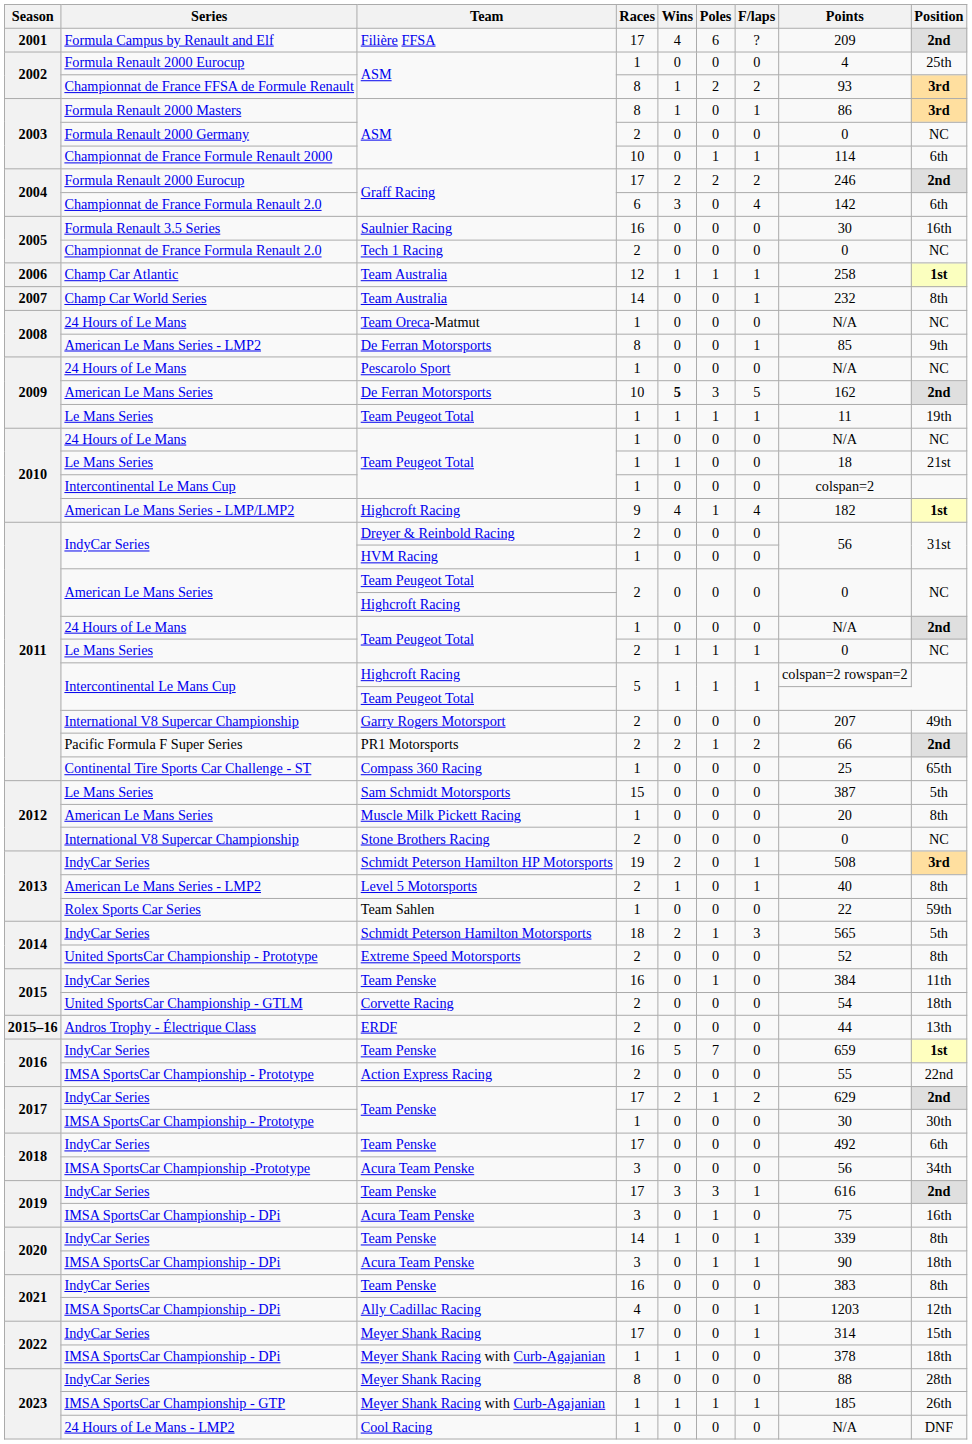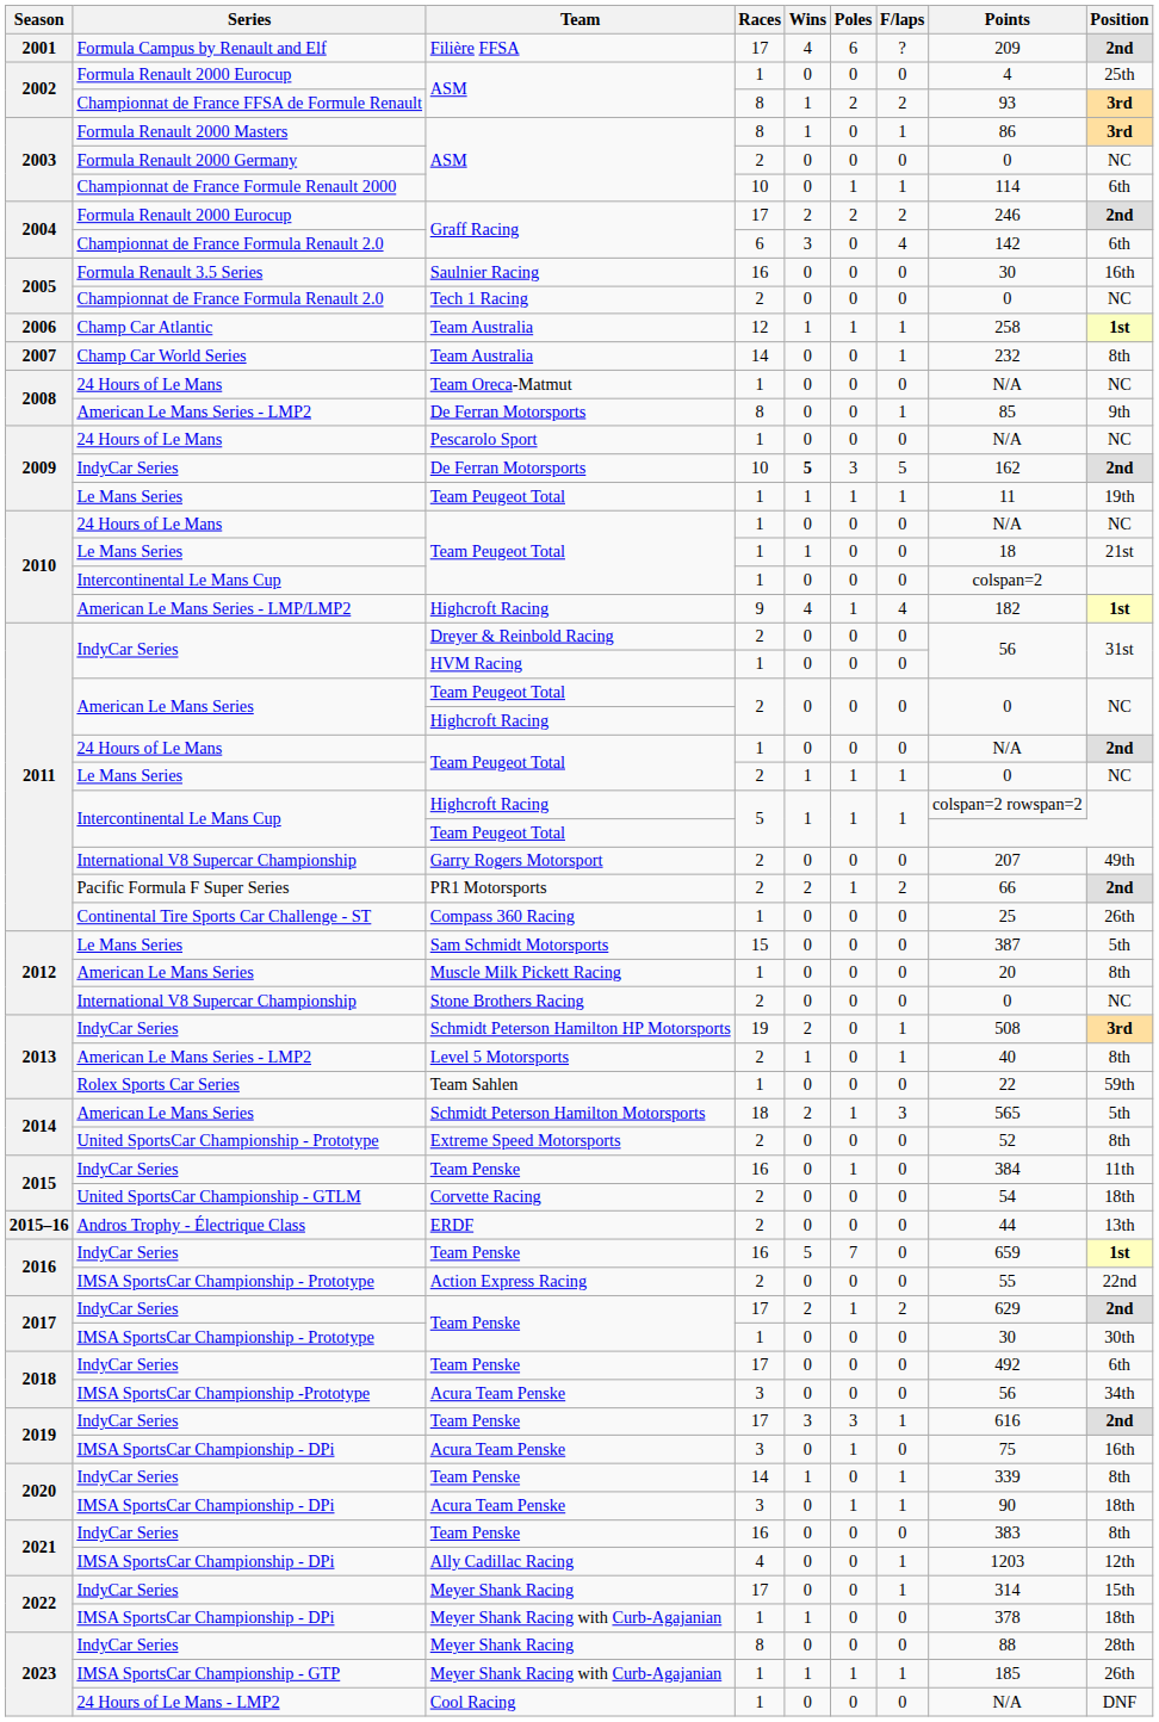 <table class="wikitable" style="text-align:center; font-size:90%;">
 <tr>
 <th>Season</th>
 <th>Series</th>
 <th>Team</th>
 <th>Races</th>
 <th>Wins</th>
 <th>Poles</th>
 <th>F/laps</th>
 <th>Points</th>
 <th>Position</th>
 </tr>
 <tr>
 <th>2001</th>
 <td align=left><a href='#'>Formula Campus by Renault and Elf</a></td>
 <td align=left><a href='#'>Filière</a> <a href='#'>FFSA</a></td>
 <td>17</td>
 <td>4</td>
 <td>6</td>
 <td>?</td>
 <td>209</td>
 <td style="background:#DFDFDF;"><strong>2nd</strong></td>
 </tr>
 <tr>
 <th rowspan=2>2002</th>
 <td align=left><a href='#'>Formula Renault 2000 Eurocup</a></td>
 <td align=left rowspan=2><a href='#'>ASM</a></td>
 <td>1</td>
 <td>0</td>
 <td>0</td>
 <td>0</td>
 <td>4</td>
 <td>25th</td>
 </tr>
 <tr>
 <td align=left><a href='#'>Championnat de France FFSA de Formule Renault</a></td>
 <td>8</td>
 <td>1</td>
 <td>2</td>
 <td>2</td>
 <td>93</td>
 <td style="background:#FFDF9F;"><strong>3rd</strong></td>
 </tr>
 <tr>
 <th rowspan=3>2003</th>
 <td align=left><a href='#'>Formula Renault 2000 Masters</a></td>
 <td align=left rowspan=3><a href='#'>ASM</a></td>
 <td>8</td>
 <td>1</td>
 <td>0</td>
 <td>1</td>
 <td>86</td>
 <td style="background:#FFDF9F;"><strong>3rd</strong></td>
 </tr>
 <tr>
 <td align=left><a href='#'>Formula Renault 2000 Germany</a></td>
 <td>2</td>
 <td>0</td>
 <td>0</td>
 <td>0</td>
 <td>0</td>
 <td>NC</td>
 </tr>
 <tr>
 <td align=left><a href='#'>Championnat de France Formule Renault 2000</a></td>
 <td>10</td>
 <td>0</td>
 <td>1</td>
 <td>1</td>
 <td>114</td>
 <td>6th</td>
 </tr>
 <tr>
 <th rowspan=2>2004</th>
 <td align=left><a href='#'>Formula Renault 2000 Eurocup</a></td>
 <td align=left rowspan=2><a href='#'>Graff Racing</a></td>
 <td>17</td>
 <td>2</td>
 <td>2</td>
 <td>2</td>
 <td>246</td>
 <td style="background:#DFDFDF;"><strong>2nd</strong></td>
 </tr>
 <tr>
 <td align=left><a href='#'>Championnat de France Formula Renault 2.0</a></td>
 <td>6</td>
 <td>3</td>
 <td>0</td>
 <td>4</td>
 <td>142</td>
 <td>6th</td>
 </tr>
 <tr>
 <th rowspan=2>2005</th>
 <td align=left><a href='#'>Formula Renault 3.5 Series</a></td>
 <td align=left><a href='#'>Saulnier Racing</a></td>
 <td>16</td>
 <td>0</td>
 <td>0</td>
 <td>0</td>
 <td>30</td>
 <td>16th</td>
 </tr>
 <tr>
 <td align=left><a href='#'>Championnat de France Formula Renault 2.0</a></td>
 <td align=left><a href='#'>Tech 1 Racing</a></td>
 <td>2</td>
 <td>0</td>
 <td>0</td>
 <td>0</td>
 <td>0</td>
 <td>NC</td>
 </tr>
 <tr>
 <th>2006</th>
 <td align=left><a href='#'>Champ Car Atlantic</a></td>
 <td align=left><a href='#'>Team Australia</a></td>
 <td>12</td>
 <td>1</td>
 <td>1</td>
 <td>1</td>
 <td>258</td>
 <td style="background:#FBFFBF;"><strong>1st</strong></td>
 </tr>
 <tr>
 <th>2007</th>
 <td align=left><a href='#'>Champ Car World Series</a></td>
 <td align=left><a href='#'>Team Australia</a></td>
 <td>14</td>
 <td>0</td>
 <td>0</td>
 <td>1</td>
 <td>232</td>
 <td>8th</td>
 </tr>
 <tr>
 <th rowspan=2>2008</th>
 <td align=left><a href='#'>24 Hours of Le Mans</a></td>
 <td align=left><a href='#'>Team Oreca</a>-Matmut</td>
 <td>1</td>
 <td>0</td>
 <td>0</td>
 <td>0</td>
 <td>N/A</td>
 <td>NC</td>
 </tr>
 <tr>
 <td align=left><a href='#'>American Le Mans Series - LMP2</a></td>
 <td align=left><a href='#'>De Ferran Motorsports</a></td>
 <td>8</td>
 <td>0</td>
 <td>0</td>
 <td>1</td>
 <td>85</td>
 <td>9th</td>
 </tr>
 <tr>
 <th rowspan=3>2009</th>
 <td align=left><a href='#'>24 Hours of Le Mans</a></td>
 <td align=left><a href='#'>Pescarolo Sport</a></td>
 <td>1</td>
 <td>0</td>
 <td>0</td>
 <td>0</td>
 <td>N/A</td>
 <td>NC</td>
 </tr>
 <tr>
-<td align=left><a href='#'>American Le Mans Series</a></td>
+<td align=left><a href='#'>IndyCar Series</a></td>
 <td align=left><a href='#'>De Ferran Motorsports</a></td>
 <td>10</td>
 <td><strong>5</strong></td>
 <td>3</td>
 <td>5</td>
 <td>162</td>
 <td style="background:#DFDFDF;"><strong>2nd</strong></td>
 </tr>
 <tr>
 <td align=left><a href='#'>Le Mans Series</a></td>
 <td align=left><a href='#'>Team Peugeot Total</a></td>
 <td>1</td>
 <td>1</td>
 <td>1</td>
 <td>1</td>
 <td>11</td>
 <td>19th</td>
 </tr>
 <tr>
 <th rowspan=4>2010</th>
 <td align=left><a href='#'>24 Hours of Le Mans</a></td>
 <td rowspan=3 align=left><a href='#'>Team Peugeot Total</a></td>
 <td>1</td>
 <td>0</td>
 <td>0</td>
 <td>0</td>
 <td>N/A</td>
 <td>NC</td>
 </tr>
 <tr>
 <td align=left><a href='#'>Le Mans Series</a></td>
 <td>1</td>
 <td>1</td>
 <td>0</td>
 <td>0</td>
 <td>18</td>
 <td>21st</td>
 </tr>
 <tr>
 <td align=left><a href='#'>Intercontinental Le Mans Cup</a></td>
 <td>1</td>
 <td>0</td>
 <td>0</td>
 <td>0</td>
 <td>colspan=2 </td>
 </tr>
 <tr>
 <td align=left><a href='#'>American Le Mans Series - LMP/LMP2</a></td>
 <td align=left><a href='#'>Highcroft Racing</a></td>
 <td>9</td>
 <td>4</td>
 <td>1</td>
 <td>4</td>
 <td>182</td>
 <td style="background:#FFFFBF;"><strong>1st</strong></td>
 </tr>
 <tr>
 <th rowspan=11>2011</th>
 <td rowspan=2 align=left><a href='#'>IndyCar Series</a></td>
 <td align=left><a href='#'>Dreyer & Reinbold Racing</a></td>
 <td>2</td>
 <td>0</td>
 <td>0</td>
 <td>0</td>
 <td rowspan=2>56</td>
 <td rowspan=2>31st</td>
 </tr>
 <tr>
 <td align=left><a href='#'>HVM Racing</a></td>
 <td>1</td>
 <td>0</td>
 <td>0</td>
 <td>0</td>
 </tr>
 <tr>
 <td rowspan=2 align=left><a href='#'>American Le Mans Series</a></td>
 <td align=left><a href='#'>Team Peugeot Total</a></td>
 <td rowspan=2>2</td>
 <td rowspan=2>0</td>
 <td rowspan=2>0</td>
 <td rowspan=2>0</td>
 <td rowspan=2>0</td>
 <td rowspan=2>NC</td>
 </tr>
 <tr>
 <td align=left><a href='#'>Highcroft Racing</a></td>
 </tr>
 <tr>
 <td align=left><a href='#'>24 Hours of Le Mans</a></td>
 <td rowspan=2 align=left><a href='#'>Team Peugeot Total</a></td>
 <td>1</td>
 <td>0</td>
 <td>0</td>
 <td>0</td>
 <td>N/A</td>
 <td style="background:#DFDFDF;"><strong>2nd</strong></td>
 </tr>
 <tr>
 <td align=left><a href='#'>Le Mans Series</a></td>
 <td>2</td>
 <td>1</td>
 <td>1</td>
 <td>1</td>
 <td>0</td>
 <td>NC</td>
 </tr>
 <tr>
 <td rowspan=2 align=left><a href='#'>Intercontinental Le Mans Cup</a></td>
 <td align=left><a href='#'>Highcroft Racing</a></td>
 <td rowspan=2>5</td>
 <td rowspan=2>1</td>
 <td rowspan=2>1</td>
 <td rowspan=2>1</td>
 <td>colspan=2 rowspan=2 </td>
 </tr>
 <tr>
 <td align=left><a href='#'>Team Peugeot Total</a></td>
 </tr>
 <tr>
 <td align=left><a href='#'>International V8 Supercar Championship</a></td>
 <td align=left><a href='#'>Garry Rogers Motorsport</a></td>
 <td>2</td>
 <td>0</td>
 <td>0</td>
 <td>0</td>
 <td>207</td>
 <td>49th</td>
 </tr>
 <tr>
 <td align=left>Pacific Formula F Super Series</td>
 <td align=left>PR1 Motorsports</td>
 <td>2</td>
 <td>2</td>
 <td>1</td>
 <td>2</td>
 <td>66</td>
 <td style="background:#DFDFDF;"><strong>2nd</strong></td>
 </tr>
 <tr>
 <td align=left><a href='#'>Continental Tire Sports Car Challenge - ST</a></td>
 <td align=left><a href='#'>Compass 360 Racing</a></td>
 <td>1</td>
 <td>0</td>
 <td>0</td>
 <td>0</td>
 <td>25</td>
-<td>65th</td>
+<td>26th</td>
 </tr>
 <tr>
 <th rowspan=3>2012</th>
 <td align=left><a href='#'>Le Mans Series</a></td>
 <td align=left><a href='#'>Sam Schmidt Motorsports</a></td>
 <td>15</td>
 <td>0</td>
 <td>0</td>
 <td>0</td>
 <td>387</td>
 <td>5th</td>
 </tr>
 <tr>
 <td align=left><a href='#'>American Le Mans Series</a></td>
 <td align=left><a href='#'>Muscle Milk Pickett Racing</a></td>
 <td>1</td>
 <td>0</td>
 <td>0</td>
 <td>0</td>
 <td>20</td>
 <td>8th</td>
 </tr>
 <tr>
 <td align=left><a href='#'>International V8 Supercar Championship</a></td>
 <td align=left><a href='#'>Stone Brothers Racing</a></td>
 <td>2</td>
 <td>0</td>
 <td>0</td>
 <td>0</td>
 <td>0</td>
 <td>NC</td>
 </tr>
 <tr>
 <th rowspan=3>2013</th>
 <td align=left><a href='#'>IndyCar Series</a></td>
 <td align=left><a href='#'>Schmidt Peterson Hamilton HP Motorsports</a></td>
 <td>19</td>
 <td>2</td>
 <td>0</td>
 <td>1</td>
 <td>508</td>
 <td style="background:#FFDF9F;"><strong>3rd</strong></td>
 </tr>
 <tr>
 <td align=left><a href='#'>American Le Mans Series - LMP2</a></td>
 <td align=left><a href='#'>Level 5 Motorsports</a></td>
 <td>2</td>
 <td>1</td>
 <td>0</td>
 <td>1</td>
 <td>40</td>
 <td>8th</td>
 </tr>
 <tr>
 <td align=left><a href='#'>Rolex Sports Car Series</a></td>
 <td align=left>Team Sahlen</td>
 <td>1</td>
 <td>0</td>
 <td>0</td>
 <td>0</td>
 <td>22</td>
 <td>59th</td>
 </tr>
 <tr>
 <th rowspan=2>2014</th>
-<td align=left><a href='#'>IndyCar Series</a></td>
+<td align=left><a href='#'>American Le Mans Series</a></td>
 <td align=left><a href='#'>Schmidt Peterson Hamilton Motorsports</a></td>
 <td>18</td>
 <td>2</td>
 <td>1</td>
 <td>3</td>
 <td>565</td>
 <td>5th</td>
 </tr>
 <tr>
 <td align=left><a href='#'>United SportsCar Championship - Prototype</a></td>
 <td align=left><a href='#'>Extreme Speed Motorsports</a></td>
 <td>2</td>
 <td>0</td>
 <td>0</td>
 <td>0</td>
 <td>52</td>
 <td>8th</td>
 </tr>
 <tr>
 <th rowspan=2>2015</th>
 <td align=left><a href='#'>IndyCar Series</a></td>
 <td align=left><a href='#'>Team Penske</a></td>
 <td>16</td>
 <td>0</td>
 <td>1</td>
 <td>0</td>
 <td>384</td>
 <td>11th</td>
 </tr>
 <tr>
 <td align=left><a href='#'>United SportsCar Championship - GTLM</a></td>
 <td align=left><a href='#'>Corvette Racing</a></td>
 <td>2</td>
 <td>0</td>
 <td>0</td>
 <td>0</td>
 <td>54</td>
 <td>18th</td>
 </tr>
 <tr>
 <th>2015–16</th>
 <td align=left><a href='#'>Andros Trophy - Électrique Class</a></td>
 <td align=left><a href='#'>ERDF</a></td>
 <td>2</td>
 <td>0</td>
 <td>0</td>
 <td>0</td>
 <td>44</td>
 <td>13th</td>
 </tr>
 <tr>
 <th rowspan=2>2016</th>
 <td align=left><a href='#'>IndyCar Series</a></td>
 <td align=left><a href='#'>Team Penske</a></td>
 <td>16</td>
 <td>5</td>
 <td>7</td>
 <td>0</td>
 <td>659</td>
 <td style="background:#FFFFBF;"><strong>1st</strong></td>
 </tr>
 <tr>
 <td align=left><a href='#'>IMSA SportsCar Championship - Prototype</a></td>
 <td align=left><a href='#'>Action Express Racing</a></td>
 <td>2</td>
 <td>0</td>
 <td>0</td>
 <td>0</td>
 <td>55</td>
 <td>22nd</td>
 </tr>
 <tr>
 <th rowspan=2>2017</th>
 <td align=left><a href='#'>IndyCar Series</a></td>
 <td align=left rowspan=2><a href='#'>Team Penske</a></td>
 <td>17</td>
 <td>2</td>
 <td>1</td>
 <td>2</td>
 <td>629</td>
 <td style="background:#DFDFDF;"><strong>2nd</strong></td>
 </tr>
 <tr>
 <td align=left><a href='#'>IMSA SportsCar Championship - Prototype</a></td>
 <td>1</td>
 <td>0</td>
 <td>0</td>
 <td>0</td>
 <td>30</td>
 <td>30th</td>
 </tr>
 <tr>
 <th rowspan=2>2018</th>
 <td align=left><a href='#'>IndyCar Series</a></td>
 <td align=left><a href='#'>Team Penske</a></td>
 <td>17</td>
 <td>0</td>
 <td>0</td>
 <td>0</td>
 <td>492</td>
 <td>6th</td>
 </tr>
 <tr>
 <td align=left><a href='#'>IMSA SportsCar Championship -Prototype</a></td>
 <td align=left><a href='#'>Acura Team Penske</a></td>
 <td>3</td>
 <td>0</td>
 <td>0</td>
 <td>0</td>
 <td>56</td>
 <td>34th</td>
 </tr>
 <tr>
 <th rowspan=2>2019</th>
 <td align=left><a href='#'>IndyCar Series</a></td>
 <td align=left><a href='#'>Team Penske</a></td>
 <td>17</td>
 <td>3</td>
 <td>3</td>
 <td>1</td>
 <td>616</td>
 <td style="background:#DFDFDF;"><strong>2nd</strong></td>
 </tr>
 <tr>
 <td align=left><a href='#'>IMSA SportsCar Championship - DPi</a></td>
 <td align=left><a href='#'>Acura Team Penske</a></td>
 <td>3</td>
 <td>0</td>
 <td>1</td>
 <td>0</td>
 <td>75</td>
 <td>16th</td>
 </tr>
 <tr>
 <th rowspan=2>2020</th>
 <td align=left><a href='#'>IndyCar Series</a></td>
 <td align=left><a href='#'>Team Penske</a></td>
 <td>14</td>
 <td>1</td>
 <td>0</td>
 <td>1</td>
 <td>339</td>
 <td>8th</td>
 </tr>
 <tr>
 <td align=left><a href='#'>IMSA SportsCar Championship - DPi</a></td>
 <td align=left><a href='#'>Acura Team Penske</a></td>
 <td>3</td>
 <td>0</td>
 <td>1</td>
 <td>1</td>
 <td>90</td>
 <td>18th</td>
 </tr>
 <tr>
 <th rowspan=2>2021</th>
 <td align=left><a href='#'>IndyCar Series</a></td>
 <td align=left><a href='#'>Team Penske</a></td>
 <td>16</td>
 <td>0</td>
 <td>0</td>
 <td>0</td>
 <td>383</td>
 <td>8th</td>
 </tr>
 <tr>
 <td align=left><a href='#'>IMSA SportsCar Championship - DPi</a></td>
 <td align=left><a href='#'>Ally Cadillac Racing</a></td>
 <td>4</td>
 <td>0</td>
 <td>0</td>
 <td>1</td>
 <td>1203</td>
 <td>12th</td>
 </tr>
 <tr>
 <th rowspan="2">2022</th>
 <td align=left><a href='#'>IndyCar Series</a></td>
 <td align=left><a href='#'>Meyer Shank Racing</a></td>
 <td>17</td>
 <td>0</td>
 <td>0</td>
 <td>1</td>
 <td>314</td>
 <td>15th</td>
 </tr>
 <tr>
 <td align=left><a href='#'>IMSA SportsCar Championship - DPi</a></td>
 <td align=left><a href='#'>Meyer Shank Racing</a> with <a href='#'>Curb-Agajanian</a></td>
 <td>1</td>
 <td>1</td>
 <td>0</td>
 <td>0</td>
 <td>378</td>
 <td>18th</td>
 </tr>
 <tr>
 <th rowspan="3">2023</th>
 <td align=left><a href='#'>IndyCar Series</a></td>
 <td align=left><a href='#'>Meyer Shank Racing</a></td>
 <td>8</td>
 <td>0</td>
 <td>0</td>
 <td>0</td>
 <td>88</td>
 <td>28th</td>
 </tr>
 <tr>
 <td align=left><a href='#'>IMSA SportsCar Championship - GTP</a></td>
 <td align=left><a href='#'>Meyer Shank Racing</a> with <a href='#'>Curb-Agajanian</a></td>
 <td>1</td>
 <td>1</td>
 <td>1</td>
 <td>1</td>
 <td>185</td>
 <td>26th</td>
 </tr>
 <tr>
 <td align=left><a href='#'>24 Hours of Le Mans - LMP2</a></td>
 <td align=left><a href='#'>Cool Racing</a></td>
 <td>1</td>
 <td>0</td>
 <td>0</td>
 <td>0</td>
 <td>N/A</td>
 <td>DNF</td>
 </tr>
 </table>
